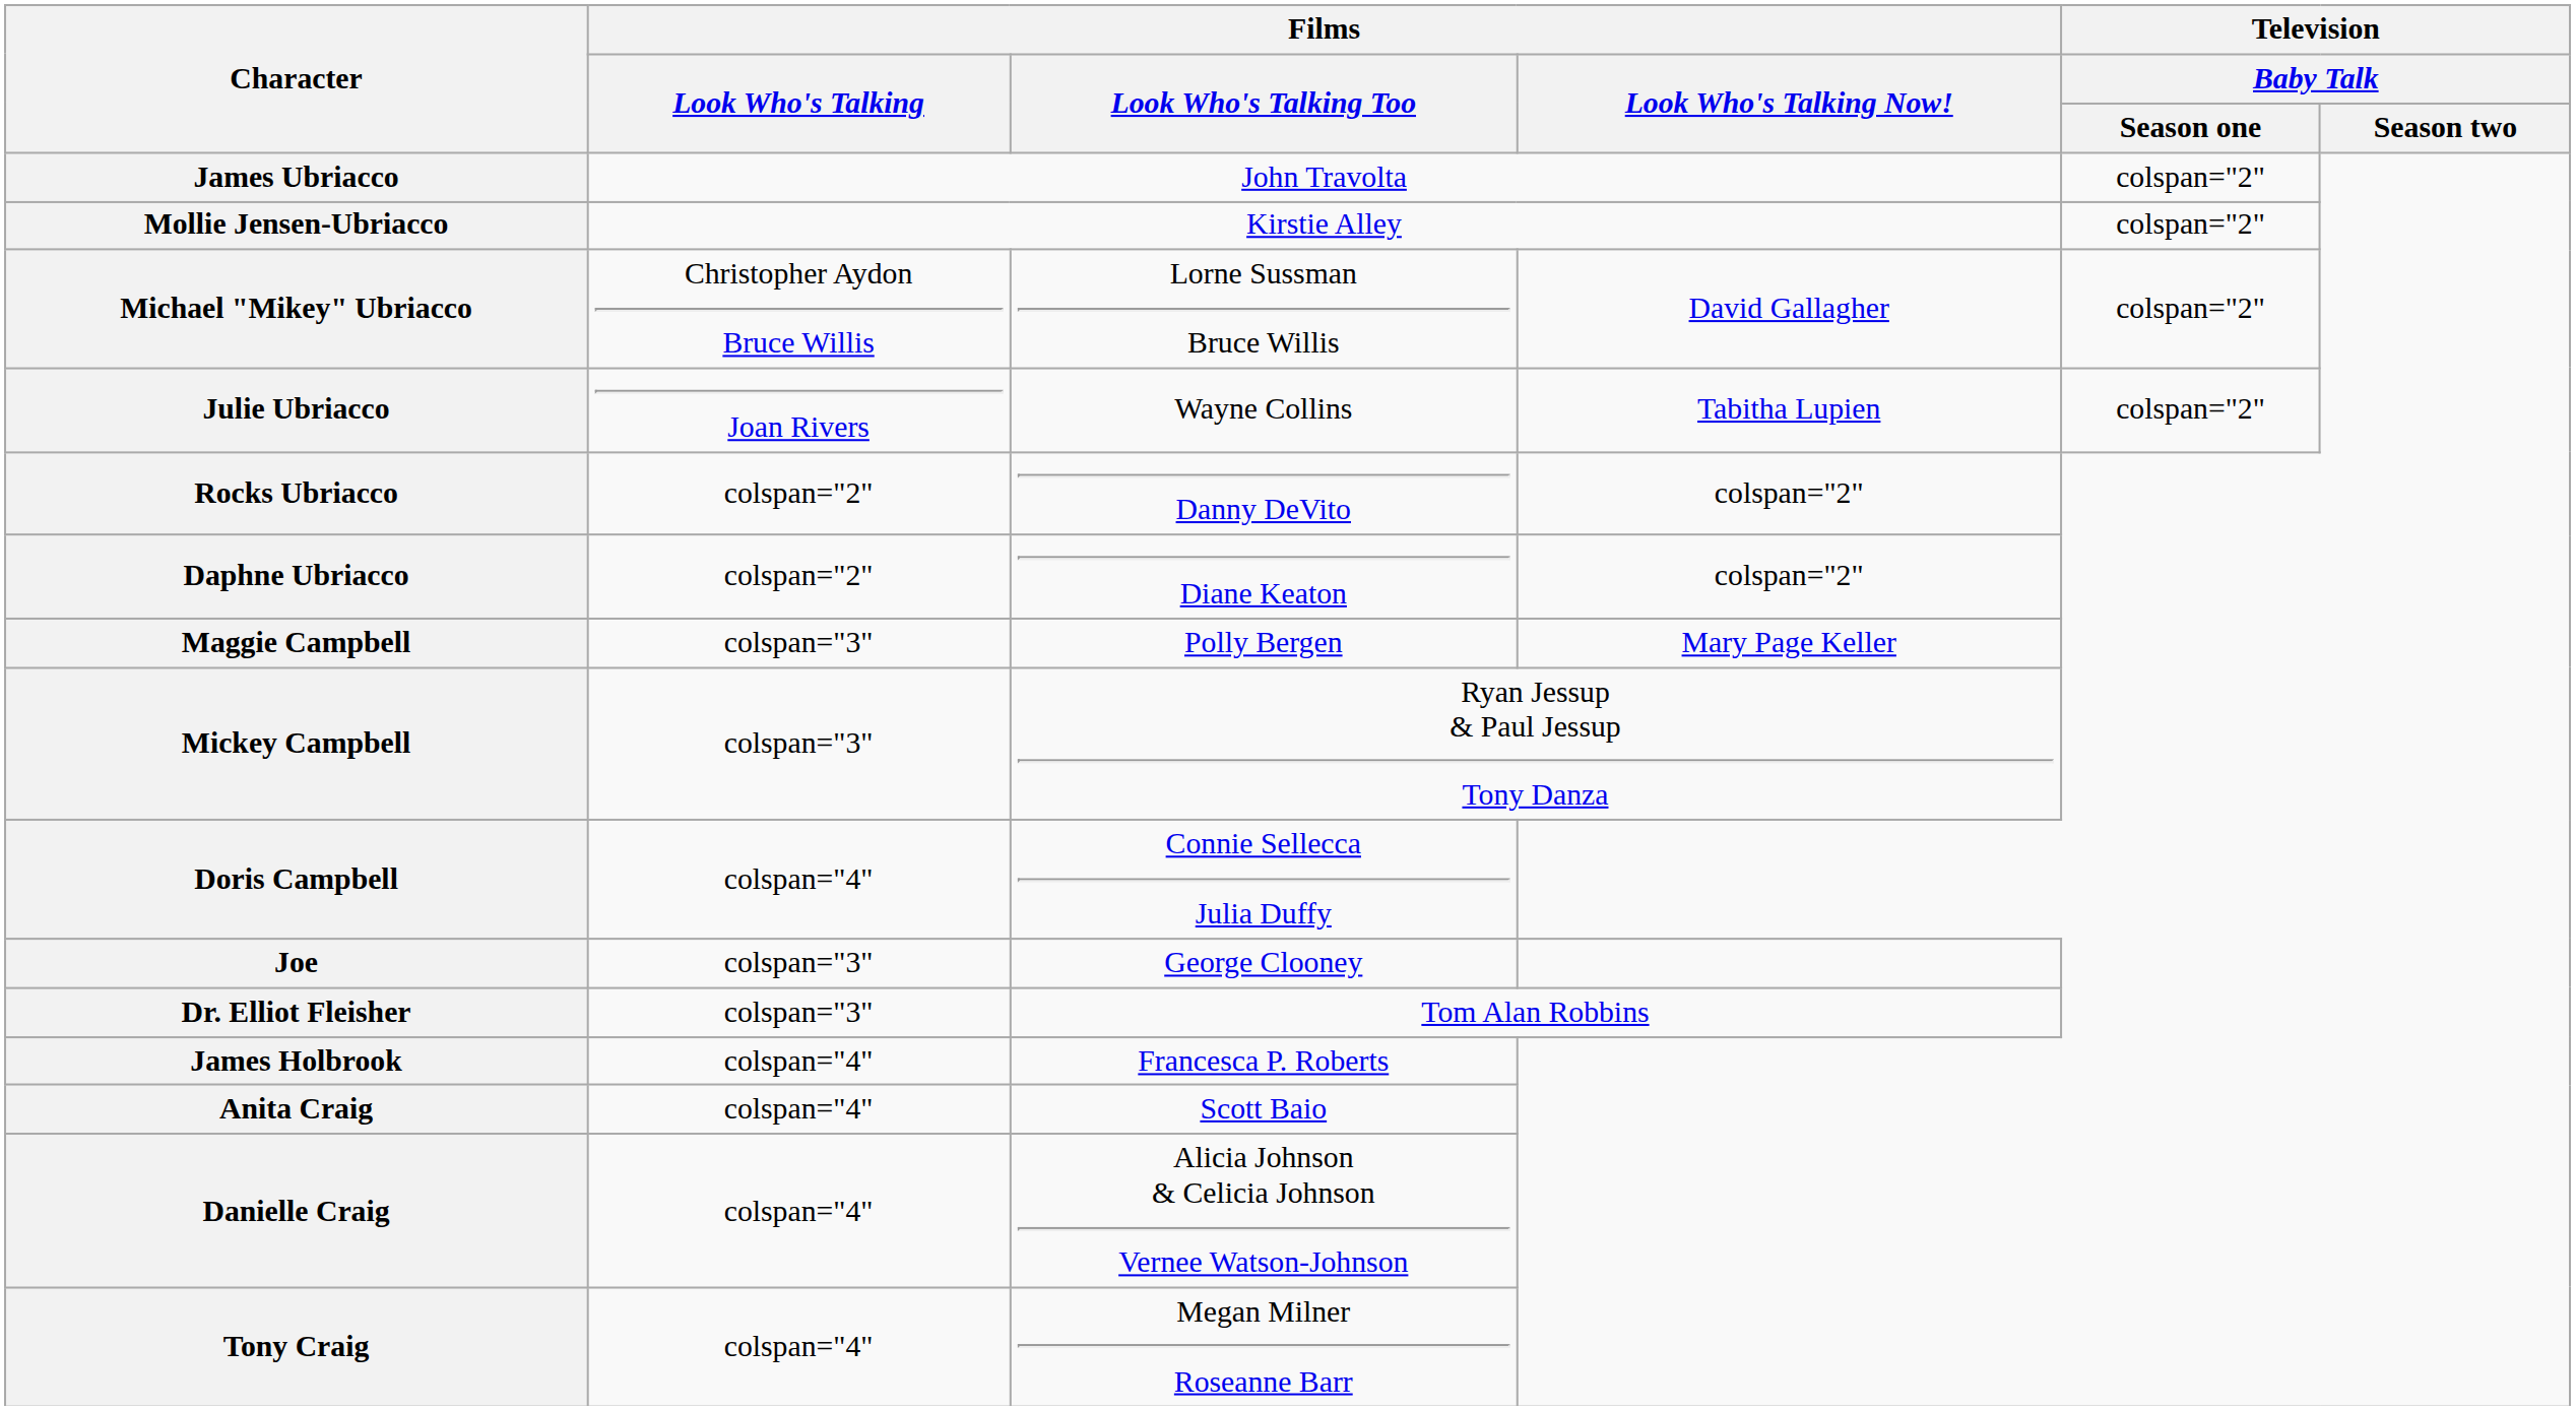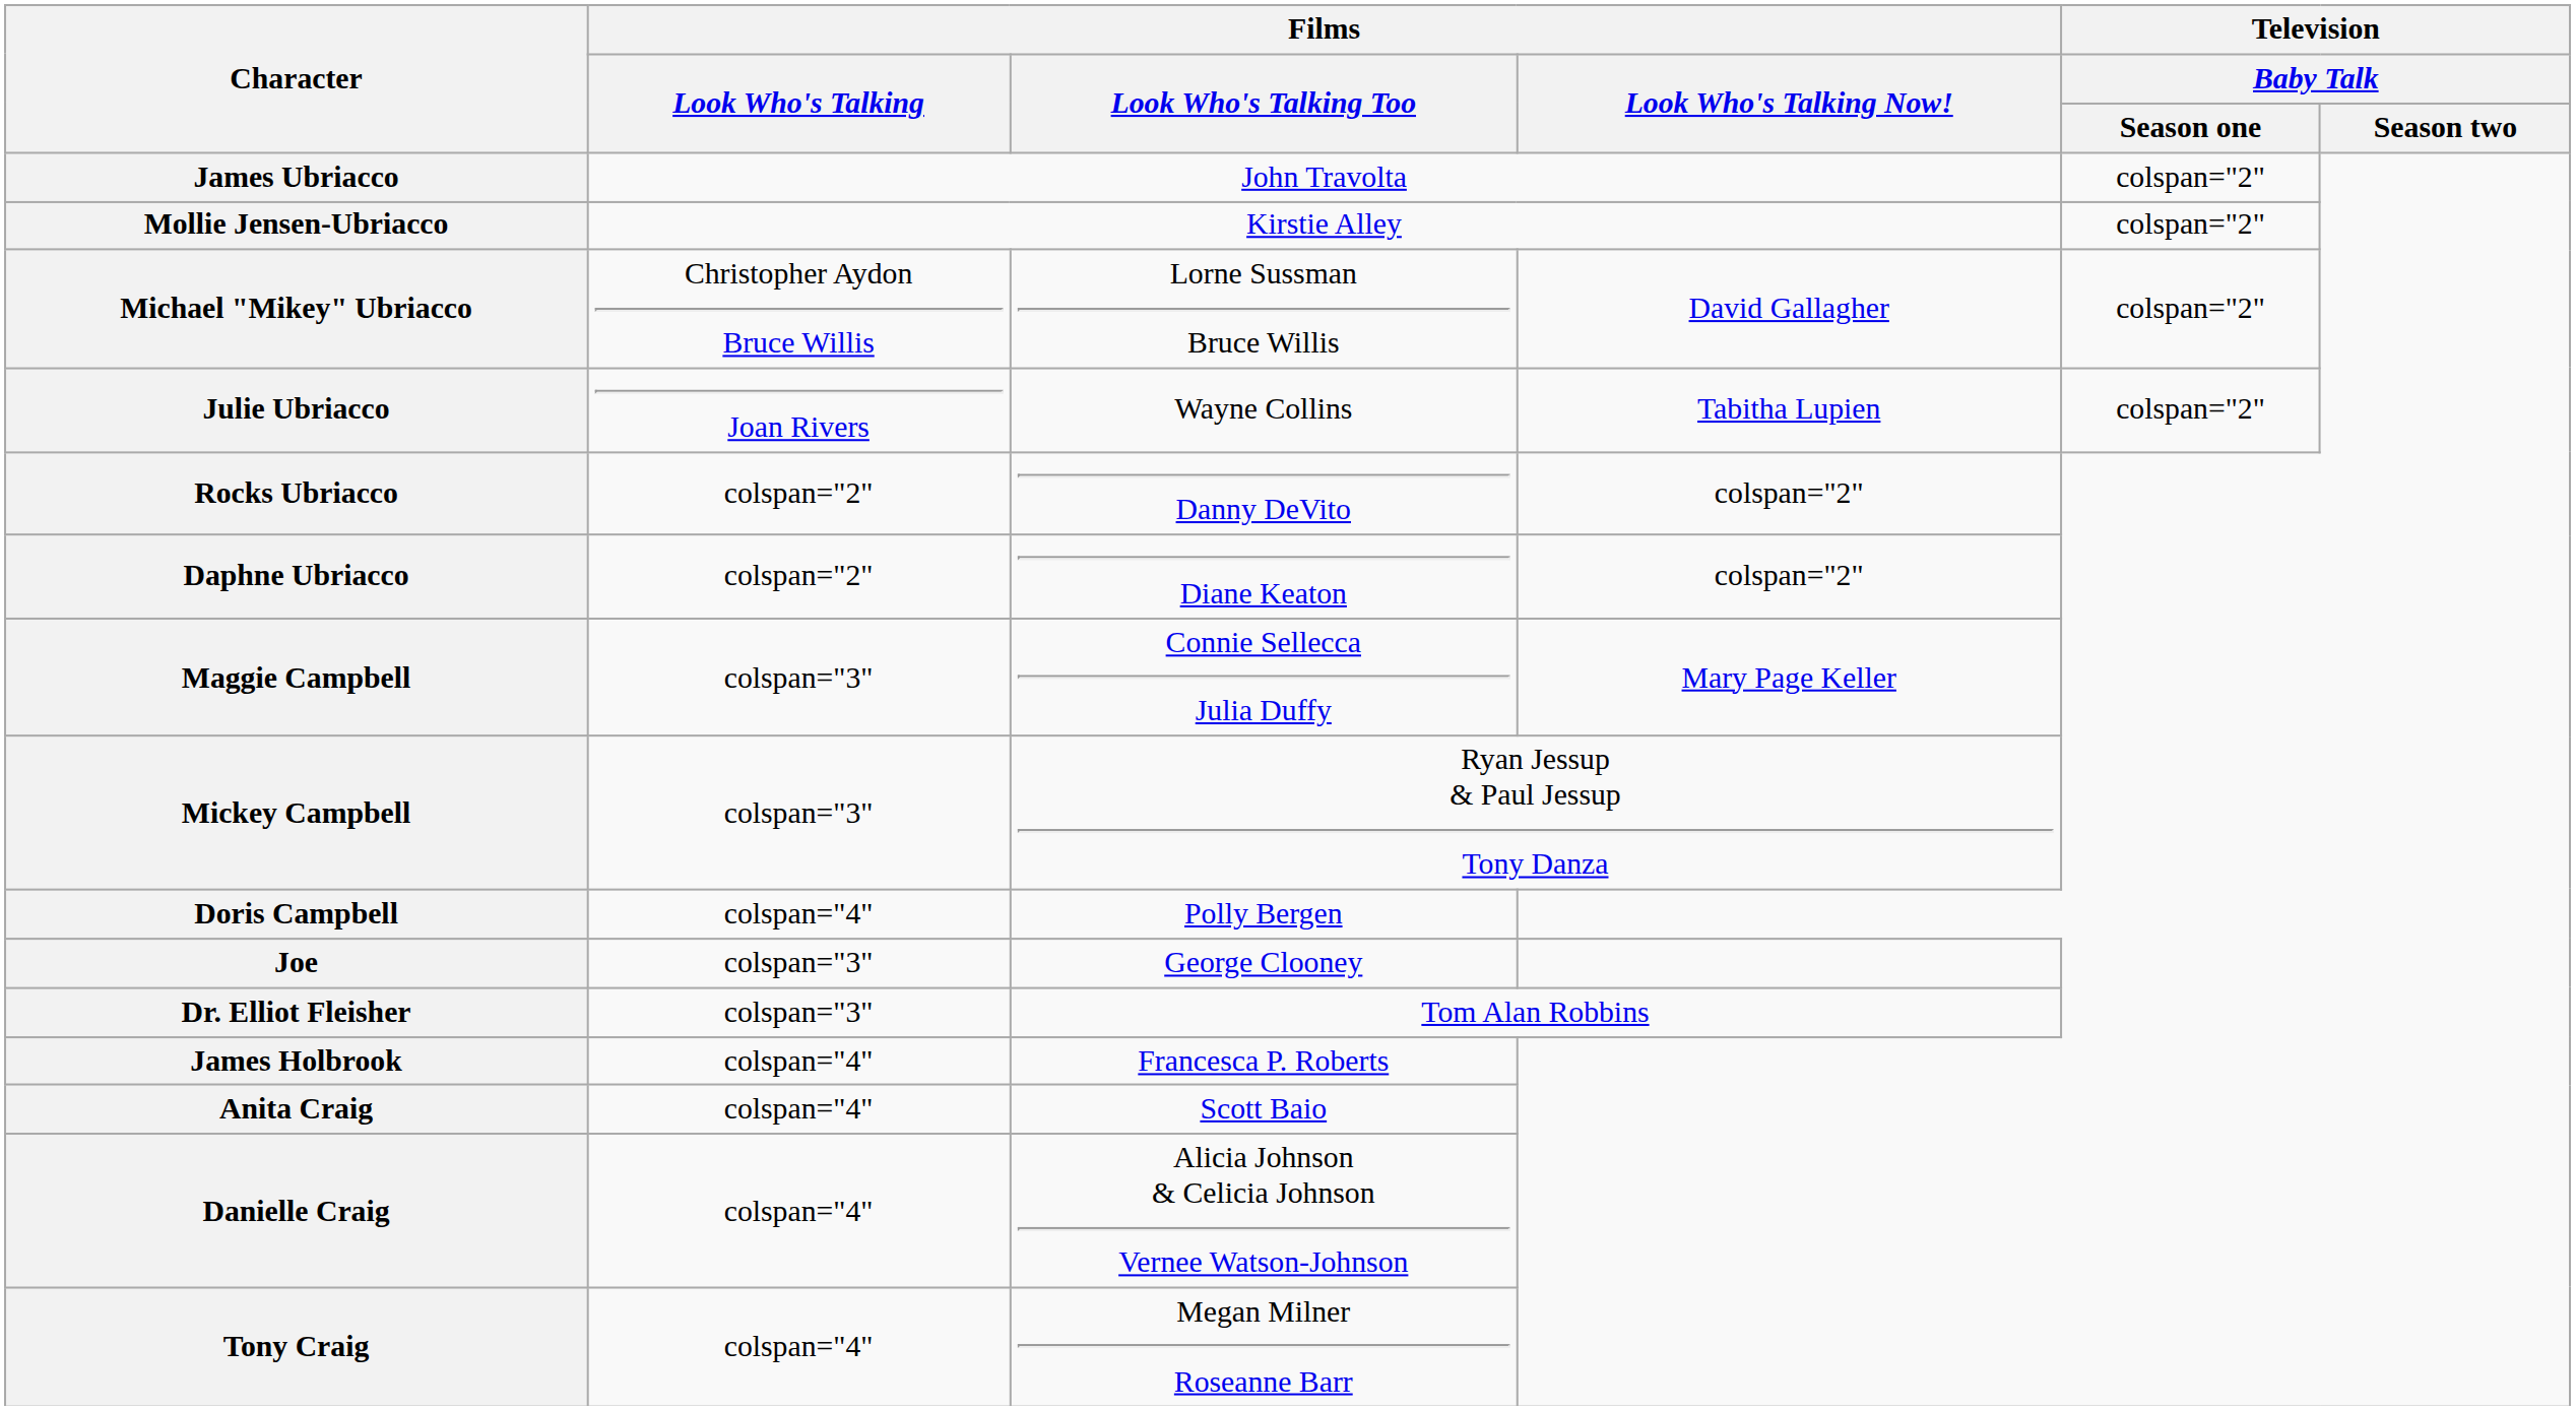 <table class="wikitable" style="text-align:center; width:99%; font-size:92%">
 <tr>
 <th rowspan="3">Character</th>
 <th colspan="3" align="center">Films</th>
 <th align="center" colspan="2">Television</th>
 </tr>
 <tr>
 <th align="center" rowspan="2"><em><a href='#'>Look Who's Talking</a></em></th>
 <th align="center" rowspan="2"><em><a href='#'>Look Who's Talking Too</a></em></th>
 <th align="center" rowspan="2"><em><a href='#'>Look Who's Talking Now!</a></em></th>
 <th align="center" colspan="2"><em><a href='#'>Baby Talk</a></em></th>
 </tr>
 <tr>
 <th>Season one</th>
 <th>Season two</th>
 </tr>
 <tr>
 <th>James Ubriacco</th>
 <td colspan="3"><a href='#'>John Travolta</a></td>
 <td>colspan="2" </td>
 </tr>
 <tr>
 <th>Mollie Jensen-Ubriacco</th>
 <td colspan="3"><a href='#'>Kirstie Alley</a></td>
 <td>colspan="2" </td>
 </tr>
 <tr>
 <th>Michael "Mikey" Ubriacco</th>
 <td>Christopher Aydon <hr><a href='#'>Bruce Willis</a></td>
 <td>Lorne Sussman <hr>Bruce Willis</td>
 <td><a href='#'>David Gallagher</a></td>
 <td>colspan="2" </td>
 </tr>
 <tr>
 <th>Julie Ubriacco</th>
 <td> <hr><a href='#'>Joan Rivers</a></td>
 <td>Wayne Collins</td>
 <td><a href='#'>Tabitha Lupien</a></td>
 <td>colspan="2" </td>
 </tr>
 <tr>
 <th>Rocks Ubriacco</th>
 <td>colspan="2" </td>
 <td> <hr><a href='#'>Danny DeVito</a></td>
 <td>colspan="2" </td>
 </tr>
 <tr>
 <th>Daphne Ubriacco</th>
 <td>colspan="2" </td>
 <td> <hr><a href='#'>Diane Keaton</a></td>
 <td>colspan="2" </td>
 </tr>
 <tr>
 <th>Maggie Campbell</th>
 <td>colspan="3" </td>
-<td><a href='#'>Polly Bergen</a></td>
+<td><a href='#'>Connie Sellecca</a> <hr><a href='#'>Julia Duffy</a></td>
 <td><a href='#'>Mary Page Keller</a></td>
 </tr>
 <tr>
 <th>Mickey Campbell</th>
 <td>colspan="3" </td>
 <td colspan="2">Ryan Jessup <br>& Paul Jessup <hr><a href='#'>Tony Danza</a></td>
 </tr>
 <tr>
 <th>Doris Campbell</th>
 <td>colspan="4" </td>
-<td><a href='#'>Connie Sellecca</a> <hr><a href='#'>Julia Duffy</a></td>
+<td><a href='#'>Polly Bergen</a></td>
 </tr>
 <tr>
 <th>Joe</th>
 <td>colspan="3" </td>
 <td><a href='#'>George Clooney</a></td>
 <td></td>
 </tr>
 <tr>
 <th>Dr. Elliot Fleisher</th>
 <td>colspan="3" </td>
 <td colspan="2"><a href='#'>Tom Alan Robbins</a></td>
 </tr>
 <tr>
 <th>James Holbrook</th>
 <td>colspan="4" </td>
 <td><a href='#'>Francesca P. Roberts</a></td>
 </tr>
 <tr>
 <th>Anita Craig</th>
 <td>colspan="4" </td>
 <td><a href='#'>Scott Baio</a></td>
 </tr>
 <tr>
 <th>Danielle Craig</th>
 <td>colspan="4" </td>
 <td>Alicia Johnson <br>& Celicia Johnson <hr><a href='#'>Vernee Watson-Johnson</a></td>
 </tr>
 <tr>
 <th>Tony Craig</th>
 <td>colspan="4" </td>
 <td>Megan Milner <hr><a href='#'>Roseanne Barr</a></td>
 </tr>
 </table>
